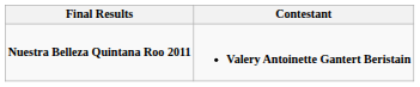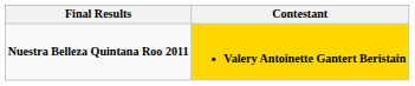 <table class="wikitable">
 <tr>
 <th>Final Results</th>
 <th>Contestant</th>
 </tr>
 <tr>
 <td align="center"><strong>Nuestra Belleza Quintana Roo 2011</strong></td>
-<td><br><ul><li><strong>Valery Antoinette Gantert Beristain</strong></li></ul></td>
+<td style="background: gold;"><br><ul><li><strong>Valery Antoinette Gantert Beristain</strong></li></ul></td>
 </tr>
 </table>
